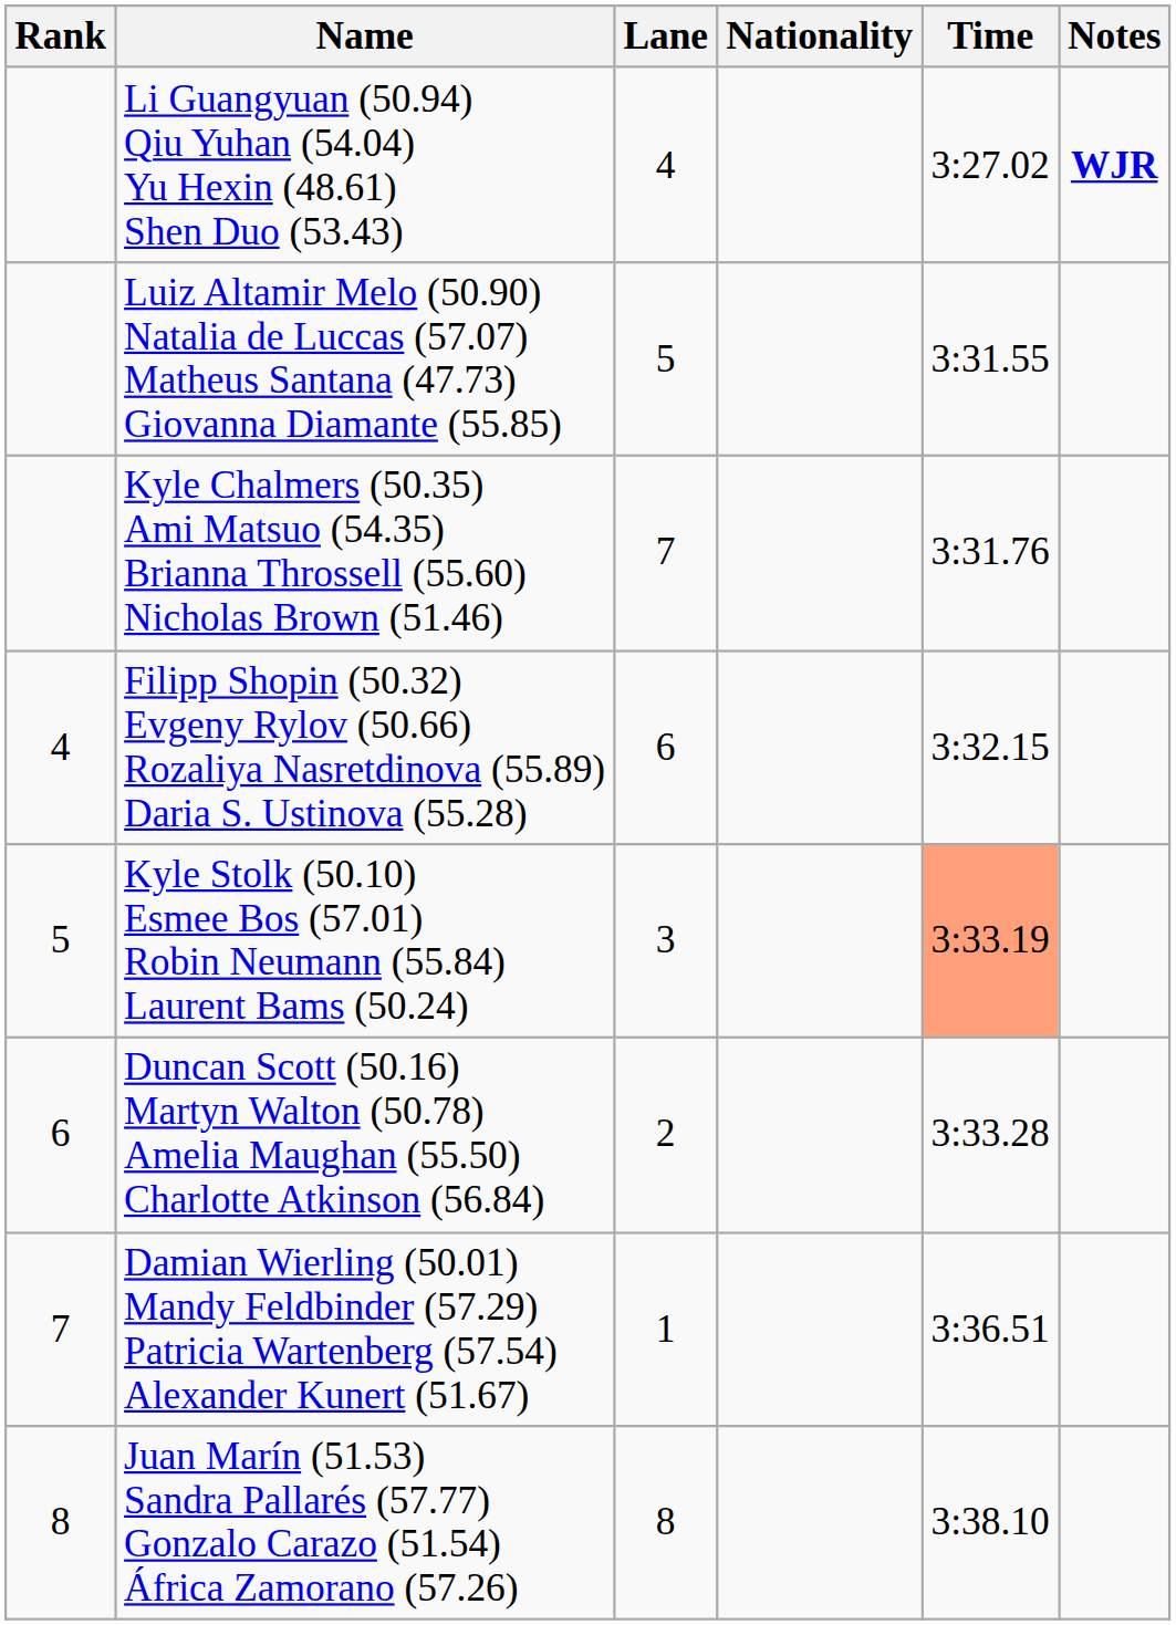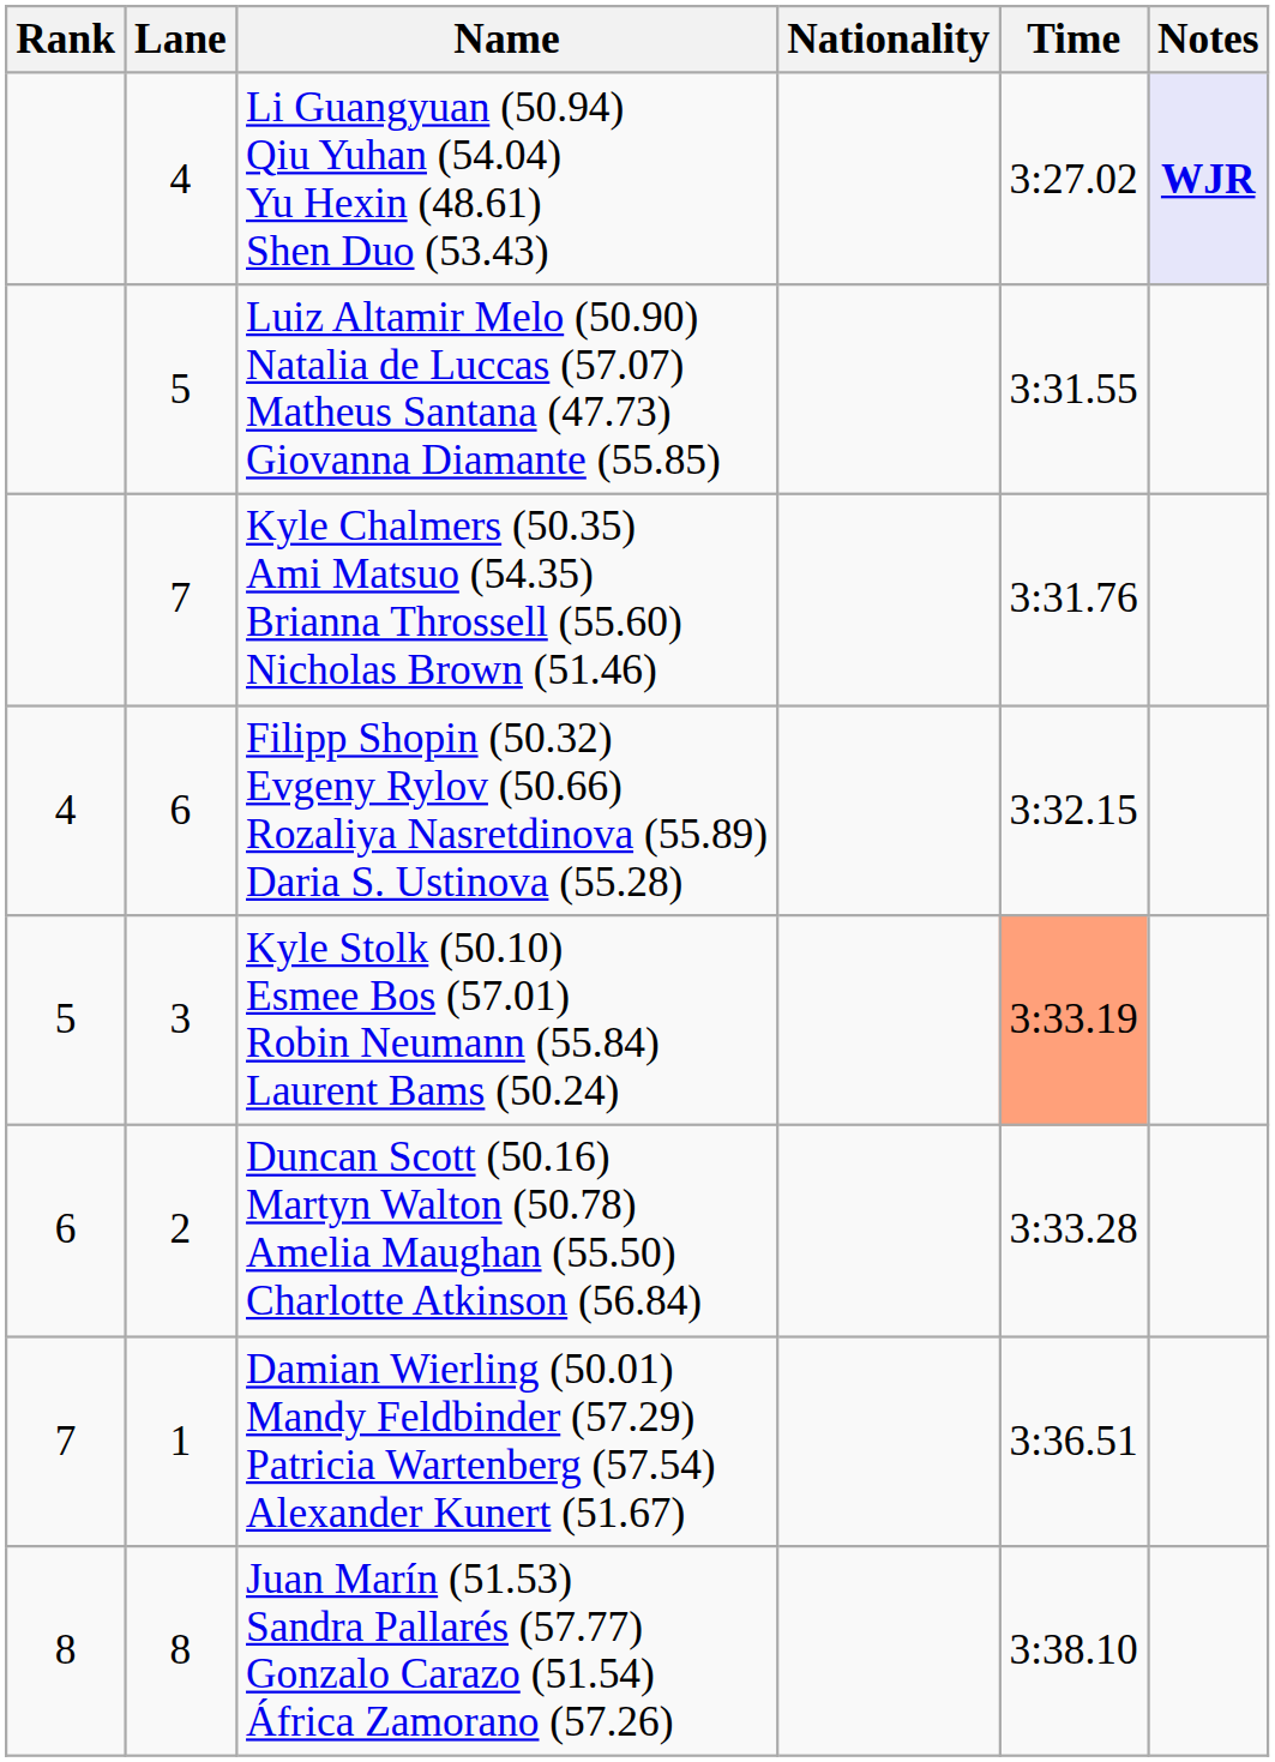 <table class="wikitable sortable" style="text-align:center">
 <tr>
 <th>Rank</th>
+<th>Lane</th>
 <th>Name</th>
-<th>Lane</th>
 <th>Nationality</th>
 <th>Time</th>
 <th>Notes</th>
 </tr>
 <tr>
 <td></td>
+<td>4</td>
 <td align=left><a href='#'>Li Guangyuan</a> (50.94)<br><a href='#'>Qiu Yuhan</a> (54.04)<br><a href='#'>Yu Hexin</a> (48.61)<br><a href='#'>Shen Duo</a> (53.43)</td>
-<td>4</td>
 <td align=left></td>
 <td>3:27.02</td>
-<td><strong><a href='#'>WJR</a></strong></td>
+<td style="background: lavender;"><strong><a href='#'>WJR</a></strong></td>
 </tr>
 <tr>
 <td></td>
+<td>5</td>
 <td align=left><a href='#'>Luiz Altamir Melo</a> (50.90)<br><a href='#'>Natalia de Luccas</a> (57.07)<br><a href='#'>Matheus Santana</a> (47.73)<br><a href='#'>Giovanna Diamante</a> (55.85)</td>
-<td>5</td>
 <td align=left></td>
 <td>3:31.55</td>
 <td></td>
 </tr>
 <tr>
 <td></td>
+<td>7</td>
 <td align=left><a href='#'>Kyle Chalmers</a> (50.35)<br><a href='#'>Ami Matsuo</a> (54.35)<br><a href='#'>Brianna Throssell</a> (55.60)<br><a href='#'>Nicholas Brown</a> (51.46)</td>
-<td>7</td>
 <td align=left></td>
 <td>3:31.76</td>
 <td></td>
 </tr>
 <tr>
 <td>4</td>
+<td>6</td>
 <td align=left><a href='#'>Filipp Shopin</a> (50.32)<br><a href='#'>Evgeny Rylov</a> (50.66)<br><a href='#'>Rozaliya Nasretdinova</a> (55.89)<br><a href='#'>Daria S. Ustinova</a> (55.28)</td>
-<td>6</td>
 <td align=left></td>
 <td>3:32.15</td>
 <td></td>
 </tr>
 <tr>
 <td>5</td>
+<td>3</td>
 <td align=left><a href='#'>Kyle Stolk</a> (50.10)<br><a href='#'>Esmee Bos</a> (57.01)<br><a href='#'>Robin Neumann</a> (55.84)<br><a href='#'>Laurent Bams</a> (50.24)</td>
-<td>3</td>
 <td align=left></td>
 <td style="background: lightsalmon;">3:33.19</td>
 <td></td>
 </tr>
 <tr>
 <td>6</td>
+<td>2</td>
 <td align=left><a href='#'>Duncan Scott</a> (50.16)<br><a href='#'>Martyn Walton</a> (50.78)<br><a href='#'>Amelia Maughan</a> (55.50)<br><a href='#'>Charlotte Atkinson</a> (56.84)</td>
-<td>2</td>
 <td align=left></td>
 <td>3:33.28</td>
 <td></td>
 </tr>
 <tr>
 <td>7</td>
+<td>1</td>
 <td align=left><a href='#'>Damian Wierling</a> (50.01)<br><a href='#'>Mandy Feldbinder</a> (57.29)<br><a href='#'>Patricia Wartenberg</a> (57.54)<br><a href='#'>Alexander Kunert</a> (51.67)</td>
-<td>1</td>
 <td align=left></td>
 <td>3:36.51</td>
 <td></td>
 </tr>
 <tr>
 <td>8</td>
+<td>8</td>
 <td align=left><a href='#'>Juan Marín</a> (51.53)<br><a href='#'>Sandra Pallarés</a> (57.77)<br><a href='#'>Gonzalo Carazo</a> (51.54)<br><a href='#'>África Zamorano</a> (57.26)</td>
-<td>8</td>
 <td align="left"></td>
 <td>3:38.10</td>
 <td></td>
 </tr>
 </table>
